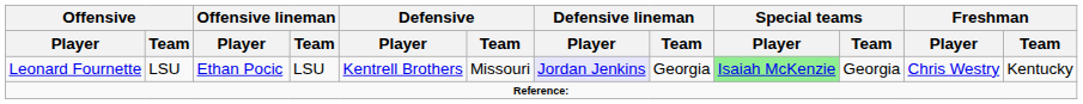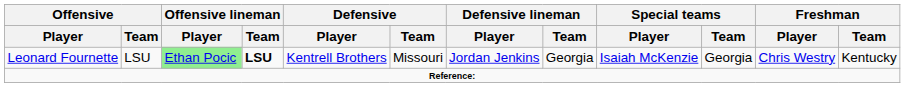 <table class="wikitable">
 <tr>
 <th colspan="2">Offensive</th>
 <th colspan="2">Offensive lineman</th>
 <th colspan="2">Defensive</th>
 <th colspan="2">Defensive lineman</th>
 <th colspan="2">Special teams</th>
 <th colspan="2">Freshman</th>
 </tr>
 <tr>
 <th>Player</th>
 <th>Team</th>
 <th>Player</th>
 <th>Team</th>
 <th>Player</th>
 <th>Team</th>
 <th>Player</th>
 <th>Team</th>
 <th>Player</th>
 <th>Team</th>
 <th>Player</th>
 <th>Team</th>
 </tr>
 <tr>
 <td><a href='#'>Leonard Fournette</a></td>
 <td>LSU</td>
-<td><a href='#'>Ethan Pocic</a></td>
-<td>LSU</td>
+<td style="background: lightgreen;"><a href='#'>Ethan Pocic</a></td>
+<td><strong>LSU</strong></td>
 <td><a href='#'>Kentrell Brothers</a></td>
 <td>Missouri</td>
-<td style="background: lavender;"><a href='#'>Jordan Jenkins</a></td>
+<td><a href='#'>Jordan Jenkins</a></td>
 <td>Georgia</td>
-<td style="background: lightgreen;"><a href='#'>Isaiah McKenzie</a></td>
+<td><a href='#'>Isaiah McKenzie</a></td>
 <td>Georgia</td>
 <td><a href='#'>Chris Westry</a></td>
 <td>Kentucky</td>
 </tr>
 <tr>
 <td colspan="12"  style="font-size:8pt; text-align:center;"><strong>Reference:</strong></td>
 </tr>
 </table>
